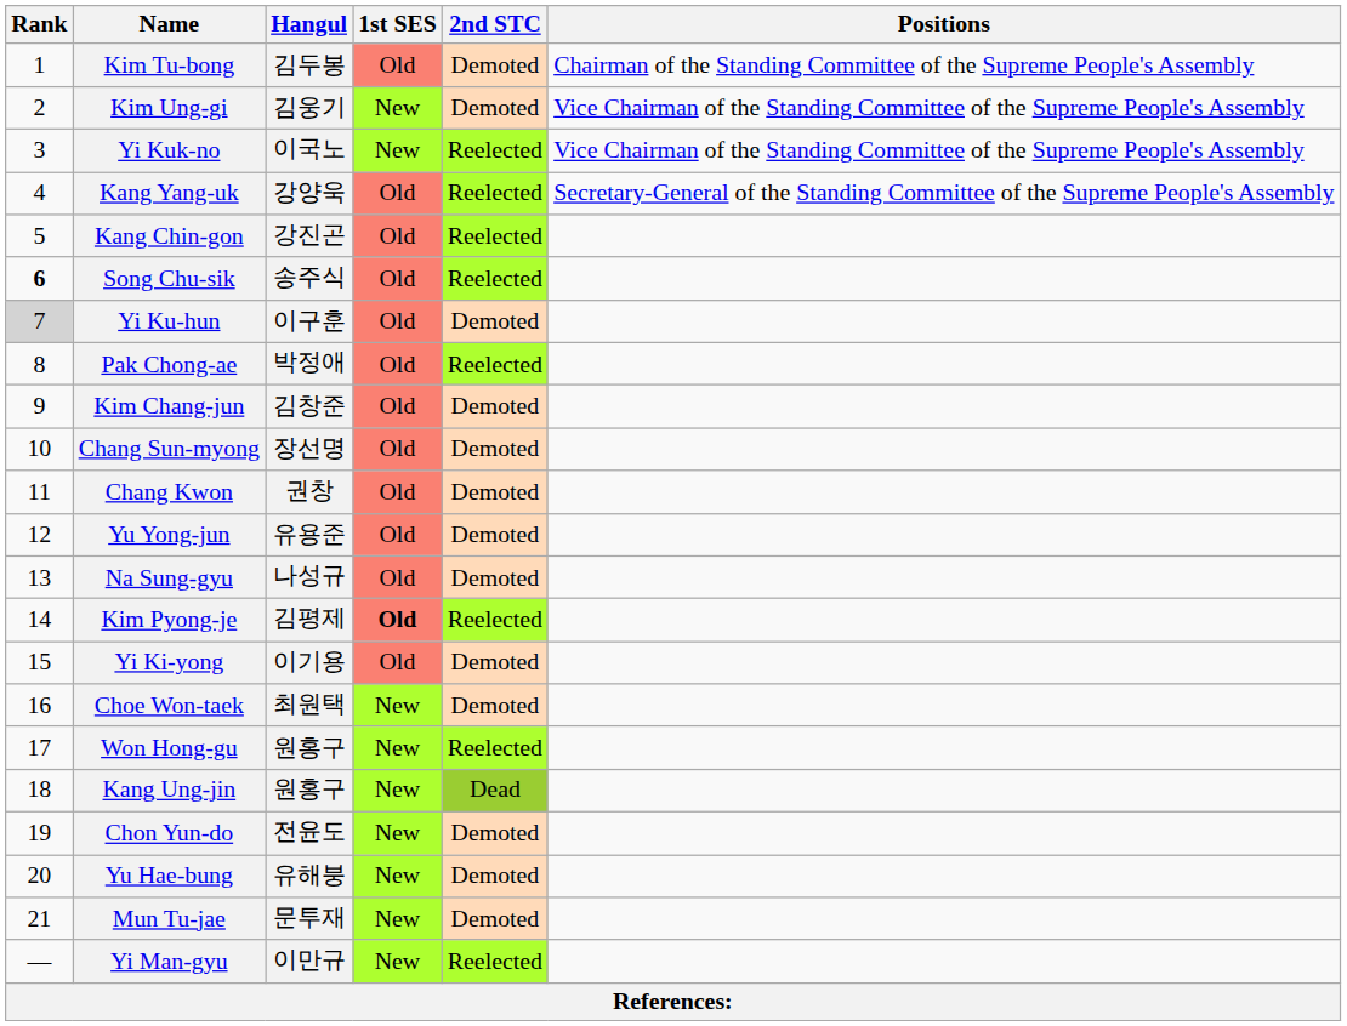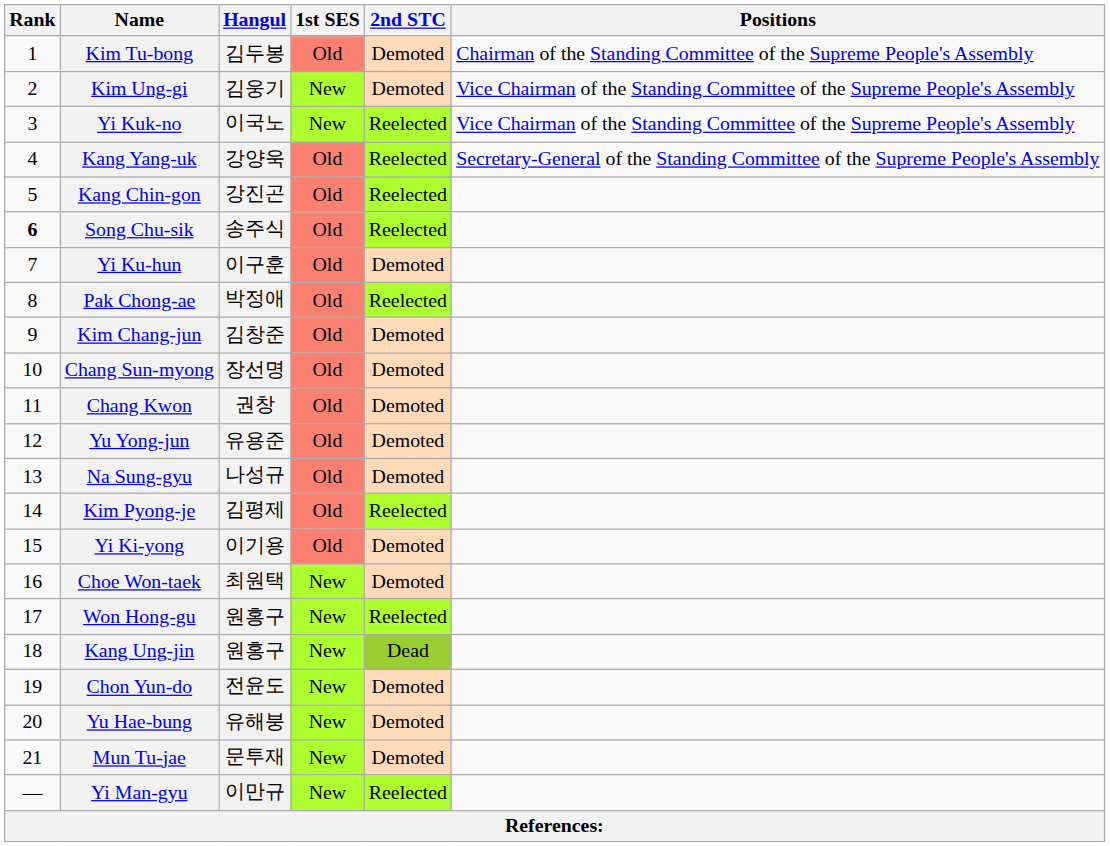 <table class="wikitable sortable">
 <tr>
 <th>Rank</th>
 <th>Name</th>
 <th class="unsortable"><a href='#'>Hangul</a></th>
 <th>1st SES</th>
 <th><a href='#'>2nd STC</a></th>
 <th>Positions</th>
 </tr>
 <tr>
 <td align="center">1</td>
 <th align="center" scope="row" style="font-weight:normal;"><a href='#'>Kim Tu-bong</a></th>
 <th align="center" scope="row" style="font-weight:normal;">김두봉</th>
 <td style="background: Salmon" align="center">Old</td>
 <td style="background: PeachPuff" align="center">Demoted</td>
 <td><a href='#'>Chairman</a> of the <a href='#'>Standing Committee</a> of the <a href='#'>Supreme People's Assembly</a></td>
 </tr>
 <tr>
 <td align="center">2</td>
 <th align="center" scope="row" style="font-weight:normal;"><a href='#'>Kim Ung-gi</a></th>
 <th align="center" scope="row" style="font-weight:normal;">김웅기</th>
 <td align="center" style="background: GreenYellow">New</td>
 <td style="background: PeachPuff" align="center">Demoted</td>
 <td><a href='#'>Vice Chairman</a> of the <a href='#'>Standing Committee</a> of the <a href='#'>Supreme People's Assembly</a></td>
 </tr>
 <tr>
 <td align="center">3</td>
 <th align="center" scope="row" style="font-weight:normal;"><a href='#'>Yi Kuk-no</a></th>
 <th align="center" scope="row" style="font-weight:normal;">이국노</th>
 <td align="center" style="background: GreenYellow">New</td>
 <td align="center" style="background: GreenYellow">Reelected</td>
 <td><a href='#'>Vice Chairman</a> of the <a href='#'>Standing Committee</a> of the <a href='#'>Supreme People's Assembly</a></td>
 </tr>
 <tr>
 <td align="center">4</td>
 <th align="center" scope="row" style="font-weight:normal;"><a href='#'>Kang Yang-uk</a></th>
 <th align="center" scope="row" style="font-weight:normal;">강양욱</th>
 <td style="background: Salmon" align="center">Old</td>
 <td align="center" style="background: GreenYellow">Reelected</td>
 <td><a href='#'>Secretary-General</a> of the <a href='#'>Standing Committee</a> of the <a href='#'>Supreme People's Assembly</a></td>
 </tr>
 <tr>
 <td align="center">5</td>
 <th align="center" scope="row" style="font-weight:normal;"><a href='#'>Kang Chin-gon</a></th>
 <th align="center" scope="row" style="font-weight:normal;">강진곤</th>
 <td style="background: Salmon" align="center">Old</td>
 <td align="center" style="background: GreenYellow">Reelected</td>
 <td></td>
 </tr>
 <tr>
 <td align="center"><strong>6</strong></td>
 <th align="center" scope="row" style="font-weight:normal;"><a href='#'>Song Chu-sik</a></th>
 <th align="center" scope="row" style="font-weight:normal;">송주식</th>
 <td style="background: Salmon" align="center">Old</td>
 <td align="center" style="background: GreenYellow">Reelected</td>
 <td></td>
 </tr>
 <tr>
-<td align="center" style="background: lightgrey;">7</td>
+<td align="center">7</td>
 <th align="center" scope="row" style="font-weight:normal;"><a href='#'>Yi Ku-hun</a></th>
 <th align="center" scope="row" style="font-weight:normal;">이구훈</th>
 <td style="background: Salmon" align="center">Old</td>
 <td style="background: PeachPuff" align="center">Demoted</td>
 <td></td>
 </tr>
 <tr>
 <td align="center">8</td>
 <th align="center" scope="row" style="font-weight:normal;"><a href='#'>Pak Chong-ae</a></th>
 <th align="center" scope="row" style="font-weight:normal;">박정애</th>
 <td style="background: Salmon" align="center">Old</td>
 <td align="center" style="background: GreenYellow">Reelected</td>
 <td></td>
 </tr>
 <tr>
 <td align="center">9</td>
 <th align="center" scope="row" style="font-weight:normal;"><a href='#'>Kim Chang-jun</a></th>
 <th align="center" scope="row" style="font-weight:normal;">김창준</th>
 <td style="background: Salmon" align="center">Old</td>
 <td style="background: PeachPuff" align="center">Demoted</td>
 <td></td>
 </tr>
 <tr>
 <td align="center">10</td>
 <th align="center" scope="row" style="font-weight:normal;"><a href='#'>Chang Sun-myong</a></th>
 <th align="center" scope="row" style="font-weight:normal;">장선명</th>
 <td style="background: Salmon" align="center">Old</td>
 <td style="background: PeachPuff" align="center">Demoted</td>
 <td></td>
 </tr>
 <tr>
 <td align="center">11</td>
 <th align="center" scope="row" style="font-weight:normal;"><a href='#'>Chang Kwon</a></th>
 <th align="center" scope="row" style="font-weight:normal;">권창</th>
 <td style="background: Salmon" align="center">Old</td>
 <td style="background: PeachPuff" align="center">Demoted</td>
 <td></td>
 </tr>
 <tr>
 <td align="center">12</td>
 <th align="center" scope="row" style="font-weight:normal;"><a href='#'>Yu Yong-jun</a></th>
 <th align="center" scope="row" style="font-weight:normal;">유용준</th>
 <td style="background: Salmon" align="center">Old</td>
 <td style="background: PeachPuff" align="center">Demoted</td>
 <td></td>
 </tr>
 <tr>
 <td align="center">13</td>
 <th align="center" scope="row" style="font-weight:normal;"><a href='#'>Na Sung-gyu</a></th>
 <th align="center" scope="row" style="font-weight:normal;">나성규</th>
 <td style="background: Salmon" align="center">Old</td>
 <td style="background: PeachPuff" align="center">Demoted</td>
 <td></td>
 </tr>
 <tr>
 <td align="center">14</td>
 <th align="center" scope="row" style="font-weight:normal;"><a href='#'>Kim Pyong-je</a></th>
 <th align="center" scope="row" style="font-weight:normal;">김평제</th>
-<td style="background: Salmon" align="center"><strong>Old</strong></td>
+<td style="background: Salmon" align="center">Old</td>
 <td align="center" style="background: GreenYellow">Reelected</td>
 <td></td>
 </tr>
 <tr>
 <td align="center">15</td>
 <th align="center" scope="row" style="font-weight:normal;"><a href='#'>Yi Ki-yong</a></th>
 <th align="center" scope="row" style="font-weight:normal;">이기용</th>
 <td style="background: Salmon" align="center">Old</td>
 <td style="background: PeachPuff" align="center">Demoted</td>
 <td></td>
 </tr>
 <tr>
 <td align="center">16</td>
 <th align="center" scope="row" style="font-weight:normal;"><a href='#'>Choe Won-taek</a></th>
 <th align="center" scope="row" style="font-weight:normal;">최원택</th>
 <td align="center" style="background: GreenYellow">New</td>
 <td style="background: PeachPuff" align="center">Demoted</td>
 <td></td>
 </tr>
 <tr>
 <td align="center">17</td>
 <th align="center" scope="row" style="font-weight:normal;"><a href='#'>Won Hong-gu</a></th>
 <th align="center" scope="row" style="font-weight:normal;">원홍구</th>
 <td align="center" style="background: GreenYellow">New</td>
 <td align="center" style="background: GreenYellow">Reelected</td>
 <td></td>
 </tr>
 <tr>
 <td align="center">18</td>
 <th align="center" scope="row" style="font-weight:normal;"><a href='#'>Kang Ung-jin</a></th>
 <th align="center" scope="row" style="font-weight:normal;">원홍구</th>
 <td align="center" style="background: GreenYellow">New</td>
 <td data-sort-value="1" align="center" style="background: YellowGreen">Dead</td>
 <td></td>
 </tr>
 <tr>
 <td align="center">19</td>
 <th align="center" scope="row" style="font-weight:normal;"><a href='#'>Chon Yun-do</a></th>
 <th align="center" scope="row" style="font-weight:normal;">전윤도</th>
 <td align="center" style="background: GreenYellow">New</td>
 <td style="background: PeachPuff" align="center">Demoted</td>
 <td></td>
 </tr>
 <tr>
 <td align="center">20</td>
 <th align="center" scope="row" style="font-weight:normal;"><a href='#'>Yu Hae-bung</a></th>
 <th align="center" scope="row" style="font-weight:normal;">유해붕</th>
 <td align="center" style="background: GreenYellow">New</td>
 <td style="background: PeachPuff" align="center">Demoted</td>
 <td></td>
 </tr>
 <tr>
 <td align="center">21</td>
 <th align="center" scope="row" style="font-weight:normal;"><a href='#'>Mun Tu-jae</a></th>
 <th align="center" scope="row" style="font-weight:normal;">문투재</th>
 <td align="center" style="background: GreenYellow">New</td>
 <td style="background: PeachPuff" align="center">Demoted</td>
 <td></td>
 </tr>
 <tr>
 <td align="center">—</td>
 <th align="center" scope="row" style="font-weight:normal;"><a href='#'>Yi Man-gyu</a></th>
 <th align="center" scope="row" style="font-weight:normal;">이만규</th>
 <td align="center" style="background: GreenYellow">New</td>
 <td align="center" style="background: GreenYellow">Reelected</td>
 <td></td>
 </tr>
 <tr>
 <th colspan="6" unsortable><strong>References:</strong><br></th>
 </tr>
 </table>
